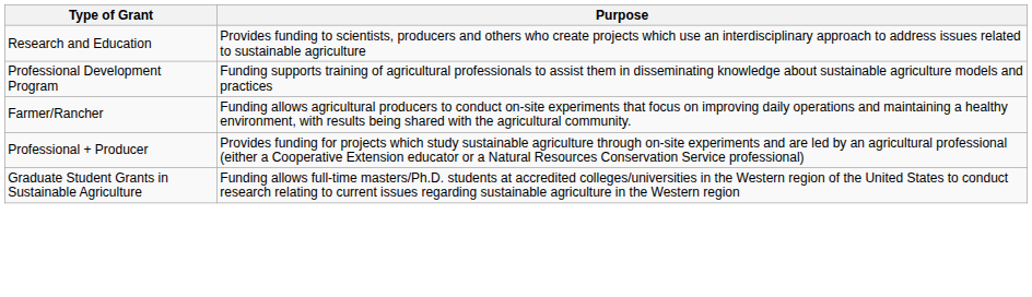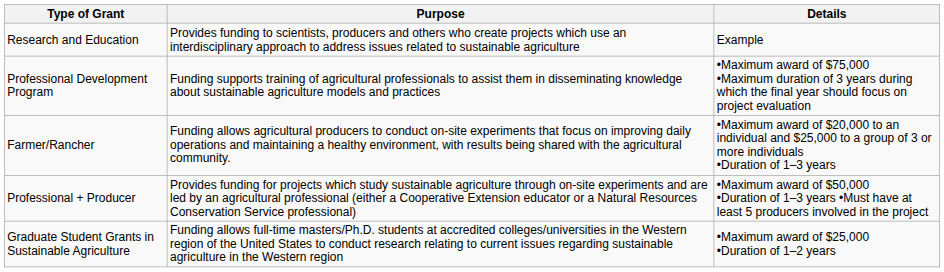 <table class="wikitable">
 <tr>
 <th>Type of Grant</th>
 <th>Purpose</th>
+<th>Details</th>
 </tr>
 <tr>
 <td>Research and Education</td>
 <td>Provides funding to scientists, producers and others who create projects which use an interdisciplinary approach to address issues related to sustainable agriculture</td>
+<td>Example</td>
 </tr>
 <tr>
 <td>Professional Development Program</td>
 <td>Funding supports training of agricultural professionals to assist them in disseminating knowledge about sustainable agriculture models and practices</td>
+<td>•Maximum award of $75,000<br>•Maximum duration of 3 years during which the final year should focus on project evaluation</td>
 </tr>
 <tr>
 <td>Farmer/Rancher</td>
 <td>Funding allows agricultural producers to conduct on-site experiments that focus on improving daily operations and maintaining a healthy environment, with results being shared with the agricultural community.</td>
+<td>•Maximum award of $20,000 to an individual and $25,000 to a group of 3 or more individuals<br>•Duration of 1–3 years</td>
 </tr>
 <tr>
 <td>Professional + Producer</td>
 <td>Provides funding for projects which study sustainable agriculture through on-site experiments and are led by an agricultural professional (either a Cooperative Extension educator or a Natural Resources Conservation Service professional)</td>
+<td>•Maximum award of $50,000<br>•Duration of 1–3 years •Must have at least 5 producers involved in the project</td>
 </tr>
 <tr>
 <td>Graduate Student Grants in Sustainable Agriculture</td>
 <td>Funding allows full-time masters/Ph.D. students at accredited colleges/universities in the Western region of the United States to conduct research relating to current issues regarding sustainable agriculture in the Western region</td>
+<td>•Maximum award of $25,000<br>•Duration of 1–2 years</td>
 </tr>
 </table>
